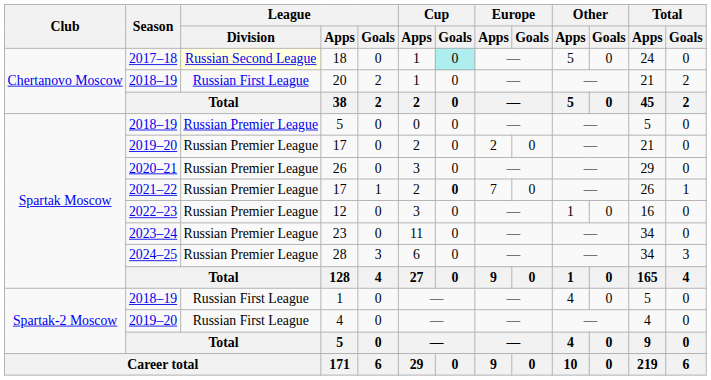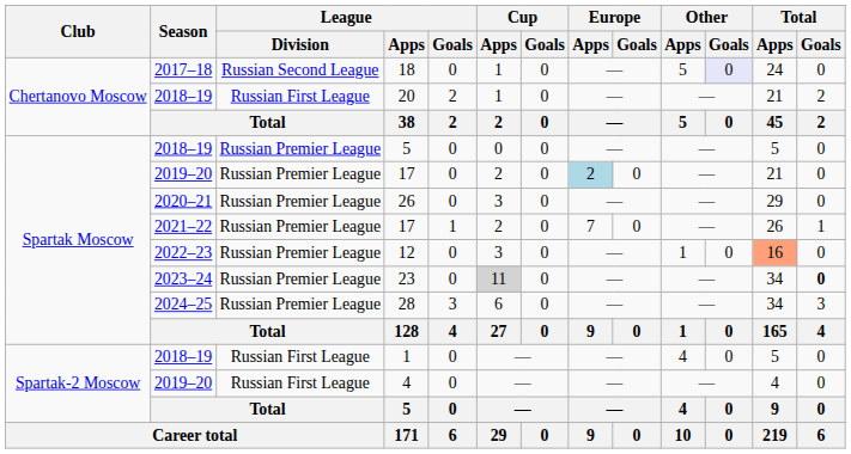 <table class="wikitable" style="text-align: center;">
 <tr>
 <th rowspan="2">Club</th>
 <th rowspan="2">Season</th>
 <th colspan="3">League</th>
 <th colspan="2">Cup</th>
 <th colspan="2">Europe</th>
 <th colspan="2">Other</th>
 <th colspan="2">Total</th>
 </tr>
 <tr>
 <th>Division</th>
 <th>Apps</th>
 <th>Goals</th>
 <th>Apps</th>
 <th>Goals</th>
 <th>Apps</th>
 <th>Goals</th>
 <th>Apps</th>
 <th>Goals</th>
 <th>Apps</th>
 <th>Goals</th>
 </tr>
 <tr>
 <td rowspan="3"><a href='#'>Chertanovo Moscow</a></td>
 <td><a href='#'>2017–18</a></td>
-<td style="background: lightyellow;"><a href='#'>Russian Second League</a></td>
+<td><a href='#'>Russian Second League</a></td>
 <td>18</td>
 <td>0</td>
 <td>1</td>
-<td style="background: paleturquoise;">0</td>
+<td>0</td>
 <td colspan="2">—</td>
 <td>5</td>
-<td>0</td>
+<td style="background: lavender;">0</td>
 <td>24</td>
 <td>0</td>
 </tr>
 <tr>
 <td><a href='#'>2018–19</a></td>
 <td><a href='#'>Russian First League</a></td>
 <td>20</td>
 <td>2</td>
 <td>1</td>
 <td>0</td>
 <td colspan="2">—</td>
 <td colspan="2">—</td>
 <td>21</td>
 <td>2</td>
 </tr>
 <tr>
 <th colspan="2">Total</th>
 <th>38</th>
 <th>2</th>
 <th>2</th>
 <th>0</th>
 <th colspan="2">—</th>
 <th>5</th>
 <th>0</th>
 <th>45</th>
 <th>2</th>
 </tr>
 <tr>
 <td rowspan="8"><a href='#'>Spartak Moscow</a></td>
 <td><a href='#'>2018–19</a></td>
 <td><a href='#'>Russian Premier League</a></td>
 <td>5</td>
 <td>0</td>
 <td>0</td>
 <td>0</td>
 <td colspan="2">—</td>
 <td colspan="2">—</td>
 <td>5</td>
 <td>0</td>
 </tr>
 <tr>
 <td><a href='#'>2019–20</a></td>
 <td>Russian Premier League</td>
 <td>17</td>
 <td>0</td>
 <td>2</td>
 <td>0</td>
-<td>2</td>
+<td style="background: lightblue;">2</td>
 <td>0</td>
 <td colspan="2">—</td>
 <td>21</td>
 <td>0</td>
 </tr>
 <tr>
 <td><a href='#'>2020–21</a></td>
 <td>Russian Premier League</td>
 <td>26</td>
 <td>0</td>
 <td>3</td>
 <td>0</td>
 <td colspan="2">—</td>
 <td colspan="2">—</td>
 <td>29</td>
 <td>0</td>
 </tr>
 <tr>
 <td><a href='#'>2021–22</a></td>
 <td>Russian Premier League</td>
 <td>17</td>
 <td>1</td>
 <td>2</td>
-<td><strong>0</strong></td>
+<td>0</td>
 <td>7</td>
 <td>0</td>
 <td colspan="2">—</td>
 <td>26</td>
 <td>1</td>
 </tr>
 <tr>
 <td><a href='#'>2022–23</a></td>
 <td>Russian Premier League</td>
 <td>12</td>
 <td>0</td>
 <td>3</td>
 <td>0</td>
 <td colspan="2">—</td>
 <td>1</td>
 <td>0</td>
-<td>16</td>
+<td style="background: lightsalmon;">16</td>
 <td>0</td>
 </tr>
 <tr>
 <td><a href='#'>2023–24</a></td>
 <td>Russian Premier League</td>
 <td>23</td>
 <td>0</td>
-<td>11</td>
+<td style="background: lightgrey;">11</td>
 <td>0</td>
 <td colspan="2">—</td>
 <td colspan="2">—</td>
 <td>34</td>
-<td>0</td>
+<td><strong>0</strong></td>
 </tr>
 <tr>
 <td><a href='#'>2024–25</a></td>
 <td>Russian Premier League</td>
 <td>28</td>
 <td>3</td>
 <td>6</td>
 <td>0</td>
 <td colspan="2">—</td>
 <td colspan="2">—</td>
 <td>34</td>
 <td>3</td>
 </tr>
 <tr>
 <th colspan="2">Total</th>
 <th>128</th>
 <th>4</th>
 <th>27</th>
 <th>0</th>
 <th>9</th>
 <th>0</th>
 <th>1</th>
 <th>0</th>
 <th>165</th>
 <th>4</th>
 </tr>
 <tr>
 <td rowspan="3"><a href='#'>Spartak-2 Moscow</a></td>
 <td><a href='#'>2018–19</a></td>
 <td>Russian First League</td>
 <td>1</td>
 <td>0</td>
 <td colspan="2">—</td>
 <td colspan="2">—</td>
 <td>4</td>
 <td>0</td>
 <td>5</td>
 <td>0</td>
 </tr>
 <tr>
 <td><a href='#'>2019–20</a></td>
 <td>Russian First League</td>
 <td>4</td>
 <td>0</td>
 <td colspan="2">—</td>
 <td colspan="2">—</td>
 <td colspan="2">—</td>
 <td>4</td>
 <td>0</td>
 </tr>
 <tr>
 <th colspan="2">Total</th>
 <th>5</th>
 <th>0</th>
 <th colspan="2">—</th>
 <th colspan="2">—</th>
 <th>4</th>
 <th>0</th>
 <th>9</th>
 <th>0</th>
 </tr>
 <tr>
 <th colspan="3">Career total</th>
 <th>171</th>
 <th>6</th>
 <th>29</th>
 <th>0</th>
 <th>9</th>
 <th>0</th>
 <th>10</th>
 <th>0</th>
 <th>219</th>
 <th>6</th>
 </tr>
 </table>
